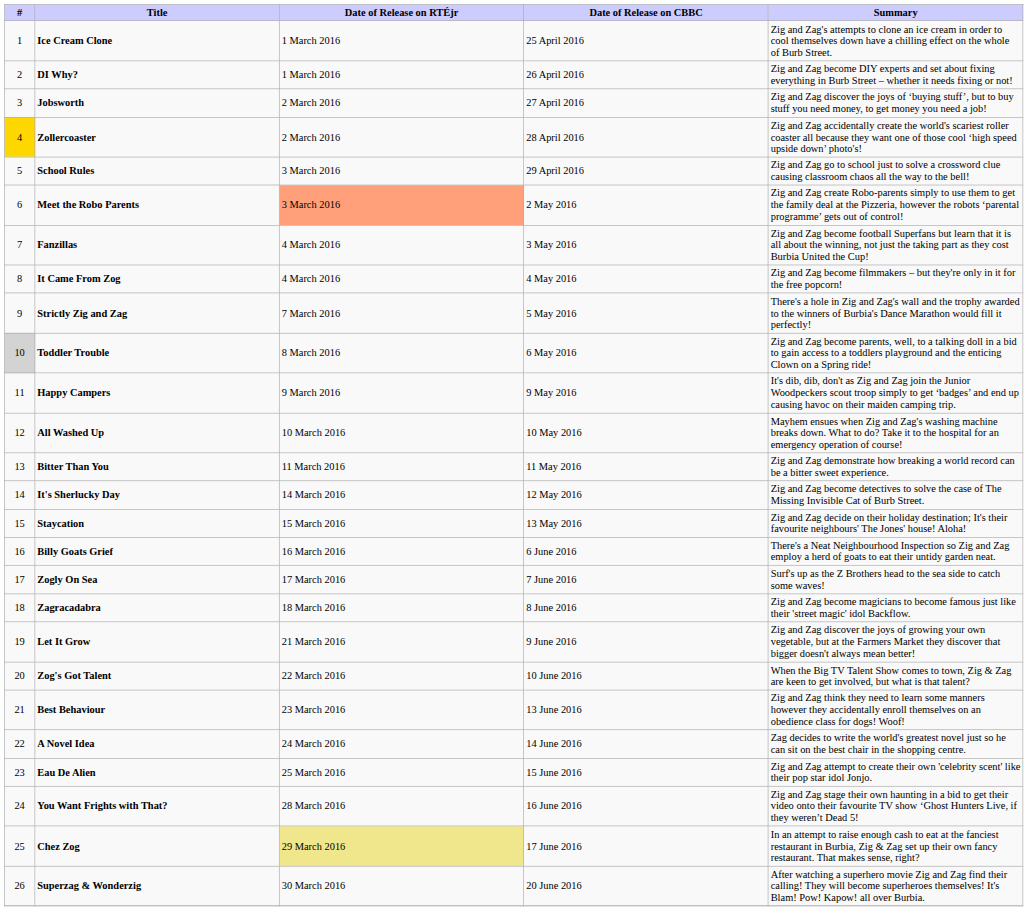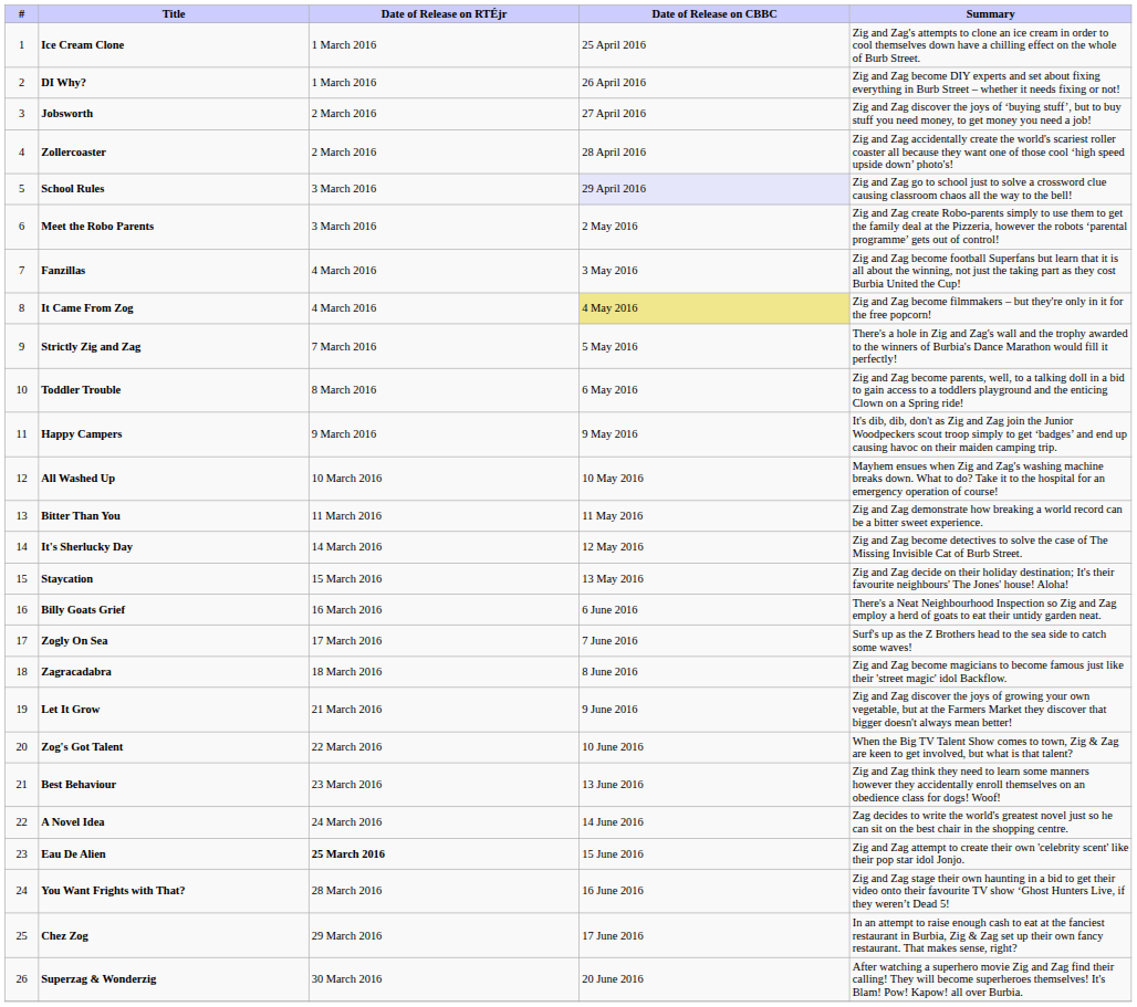 <table class="wikitable" style="width:99%;">
 <tr>
 <th style="background:#ccf; width:3%;">#</th>
 <th style="background:#ccf; width:24%;">Title</th>
 <th style="background:#ccf; width:24%;">Date of Release on RTÉjr</th>
 <th style="background:#ccf; width:24%;">Date of Release on CBBC </th>
 <th style="background:#ccf;">Summary</th>
 </tr>
 <tr>
 <td style="text-align:center;">1</td>
 <td><strong>Ice Cream Clone</strong></td>
 <td>1 March 2016</td>
 <td>25 April 2016</td>
 <td>Zig and Zag's attempts to clone an ice cream in order to cool themselves down have a chilling effect on the whole of Burb Street.</td>
 </tr>
 <tr>
 <td style="text-align:center;">2</td>
 <td><strong>DI Why? </strong></td>
 <td>1 March 2016</td>
 <td>26 April 2016</td>
 <td>Zig and Zag become DIY experts and set about fixing everything in Burb Street – whether it needs fixing or not!</td>
 </tr>
 <tr>
 <td style="text-align:center;">3</td>
 <td><strong>Jobsworth</strong></td>
 <td>2 March 2016</td>
 <td>27 April 2016</td>
 <td>Zig and Zag discover the joys of ‘buying stuff’, but to buy stuff you need money, to get money you need a job!</td>
 </tr>
 <tr>
-<td style="background: gold; text-align:center;">4</td>
+<td style="text-align:center;">4</td>
 <td><strong>Zollercoaster </strong></td>
 <td>2 March 2016</td>
 <td>28 April 2016</td>
 <td>Zig and Zag accidentally create the world's scariest roller coaster all because they want one of those cool ‘high speed upside down’ photo's!</td>
 </tr>
 <tr>
 <td style="text-align:center;">5</td>
 <td><strong>School Rules</strong></td>
 <td>3 March 2016</td>
-<td>29 April 2016</td>
+<td style="background: lavender;">29 April 2016</td>
 <td>Zig and Zag go to school just to solve a crossword clue causing classroom chaos all the way to the bell!</td>
 </tr>
 <tr>
 <td style="text-align:center;">6</td>
 <td><strong>Meet the Robo Parents</strong></td>
-<td style="background: lightsalmon;">3 March 2016</td>
+<td>3 March 2016</td>
 <td>2 May 2016</td>
 <td>Zig and Zag create Robo-parents simply to use them to get the family deal at the Pizzeria, however the robots ‘parental programme’ gets out of control!</td>
 </tr>
 <tr>
 <td style="text-align:center;">7</td>
 <td><strong>Fanzillas</strong></td>
 <td>4 March 2016</td>
 <td>3 May 2016</td>
 <td>Zig and Zag become football Superfans but learn that it is all about the winning, not just the taking part as they cost Burbia United the Cup!</td>
 </tr>
 <tr>
 <td style="text-align:center;">8</td>
 <td><strong>It Came From Zog</strong></td>
 <td>4 March 2016</td>
-<td>4 May 2016</td>
+<td style="background: khaki;">4 May 2016</td>
 <td>Zig and Zag become filmmakers – but they're only in it for the free popcorn!</td>
 </tr>
 <tr>
 <td style="text-align:center;">9</td>
 <td><strong>Strictly Zig and Zag</strong></td>
 <td>7 March 2016</td>
 <td>5 May 2016</td>
 <td>There's a hole in Zig and Zag's wall and the trophy awarded to the winners of Burbia's Dance Marathon would fill it perfectly!</td>
 </tr>
 <tr>
-<td style="background: lightgrey; text-align:center;">10</td>
+<td style="text-align:center;">10</td>
 <td><strong>Toddler Trouble</strong></td>
 <td>8 March 2016</td>
 <td>6 May 2016</td>
 <td>Zig and Zag become parents, well, to a talking doll in a bid to gain access to a toddlers playground and the enticing Clown on a Spring ride!</td>
 </tr>
 <tr>
 <td style="text-align:center;">11</td>
 <td><strong>Happy Campers</strong></td>
 <td>9 March 2016</td>
 <td>9 May 2016</td>
 <td>It's dib, dib, don't as Zig and Zag join the Junior Woodpeckers scout troop simply to get ‘badges’ and end up causing havoc on their maiden camping trip.</td>
 </tr>
 <tr>
 <td style="text-align:center;">12</td>
 <td><strong>All Washed Up</strong></td>
 <td>10 March 2016</td>
 <td>10 May 2016</td>
 <td>Mayhem ensues when Zig and Zag's washing machine breaks down. What to do? Take it to the hospital for an emergency operation of course!</td>
 </tr>
 <tr>
 <td style="text-align:center;">13</td>
 <td><strong>Bitter Than You</strong></td>
 <td>11 March 2016</td>
 <td>11 May 2016</td>
 <td>Zig and Zag demonstrate how breaking a world record can be a bitter sweet experience.</td>
 </tr>
 <tr>
 <td style="text-align:center;">14</td>
 <td><strong>It's Sherlucky Day</strong></td>
 <td>14 March 2016</td>
 <td>12 May 2016</td>
 <td>Zig and Zag become detectives to solve the case of The Missing Invisible Cat of Burb Street.</td>
 </tr>
 <tr>
 <td style="text-align:center;">15</td>
 <td><strong>Staycation</strong></td>
 <td>15 March 2016</td>
 <td>13 May 2016</td>
 <td>Zig and Zag decide on their holiday destination; It's their favourite neighbours' The Jones' house! Aloha!</td>
 </tr>
 <tr>
 <td style="text-align:center;">16</td>
 <td><strong>Billy Goats Grief</strong></td>
 <td>16 March 2016</td>
 <td>6 June 2016</td>
 <td>There's a Neat Neighbourhood Inspection so Zig and Zag employ a herd of goats to eat their untidy garden neat.</td>
 </tr>
 <tr>
 <td style="text-align:center;">17</td>
 <td><strong>Zogly On Sea</strong></td>
 <td>17 March 2016</td>
 <td>7 June 2016</td>
 <td>Surf's up as the Z Brothers head to the sea side to catch some waves!</td>
 </tr>
 <tr>
 <td style="text-align:center;">18</td>
 <td><strong>Zagracadabra</strong></td>
 <td>18 March 2016</td>
 <td>8 June 2016</td>
 <td>Zig and Zag become magicians to become famous just like their 'street magic' idol Backflow.</td>
 </tr>
 <tr>
 <td style="text-align:center;">19</td>
 <td><strong>Let It Grow</strong></td>
 <td>21 March 2016</td>
 <td>9 June 2016</td>
 <td>Zig and Zag discover the joys of growing your own vegetable, but at the Farmers Market they discover that bigger doesn't always mean better!</td>
 </tr>
 <tr>
 <td style="text-align:center;">20</td>
 <td><strong>Zog's Got Talent</strong></td>
 <td>22 March 2016</td>
 <td>10 June 2016</td>
 <td>When the Big TV Talent Show comes to town, Zig & Zag are keen to get involved, but what is that talent?</td>
 </tr>
 <tr>
 <td style="text-align:center;">21</td>
 <td><strong>Best Behaviour</strong></td>
 <td>23 March 2016</td>
 <td>13 June 2016</td>
 <td>Zig and Zag think they need to learn some manners however they accidentally enroll themselves on an obedience class for dogs! Woof!</td>
 </tr>
 <tr>
 <td style="text-align:center;">22</td>
 <td><strong>A Novel Idea</strong></td>
 <td>24 March 2016</td>
 <td>14 June 2016</td>
 <td>Zag decides to write the world's greatest novel just so he can sit on the best chair in the shopping centre.</td>
 </tr>
 <tr>
 <td style="text-align:center;">23</td>
 <td><strong>Eau De Alien</strong></td>
-<td>25 March 2016</td>
+<td><strong>25 March 2016</strong></td>
 <td>15 June 2016</td>
 <td>Zig and Zag attempt to create their own 'celebrity scent' like their pop star idol Jonjo.</td>
 </tr>
 <tr>
 <td style="text-align:center;">24</td>
 <td><strong>You Want Frights with That?</strong></td>
 <td>28 March 2016</td>
 <td>16 June 2016</td>
 <td>Zig and Zag stage their own haunting in a bid to get their video onto their favourite TV show ‘Ghost Hunters Live, if they weren’t Dead 5!</td>
 </tr>
 <tr>
 <td style="text-align:center;">25</td>
 <td><strong>Chez Zog</strong></td>
-<td style="background: khaki;">29 March 2016</td>
+<td>29 March 2016</td>
 <td>17 June 2016</td>
 <td>In an attempt to raise enough cash to eat at the fanciest restaurant in Burbia, Zig & Zag set up their own fancy restaurant. That makes sense, right?</td>
 </tr>
 <tr>
 <td style="text-align:center;">26</td>
 <td><strong>Superzag & Wonderzig</strong></td>
 <td>30 March 2016</td>
 <td>20 June 2016</td>
 <td>After watching a superhero movie Zig and Zag find their calling! They will become superheroes themselves! It's Blam! Pow! Kapow! all over Burbia.</td>
 </tr>
 <tr>
 </tr>
 </table>
